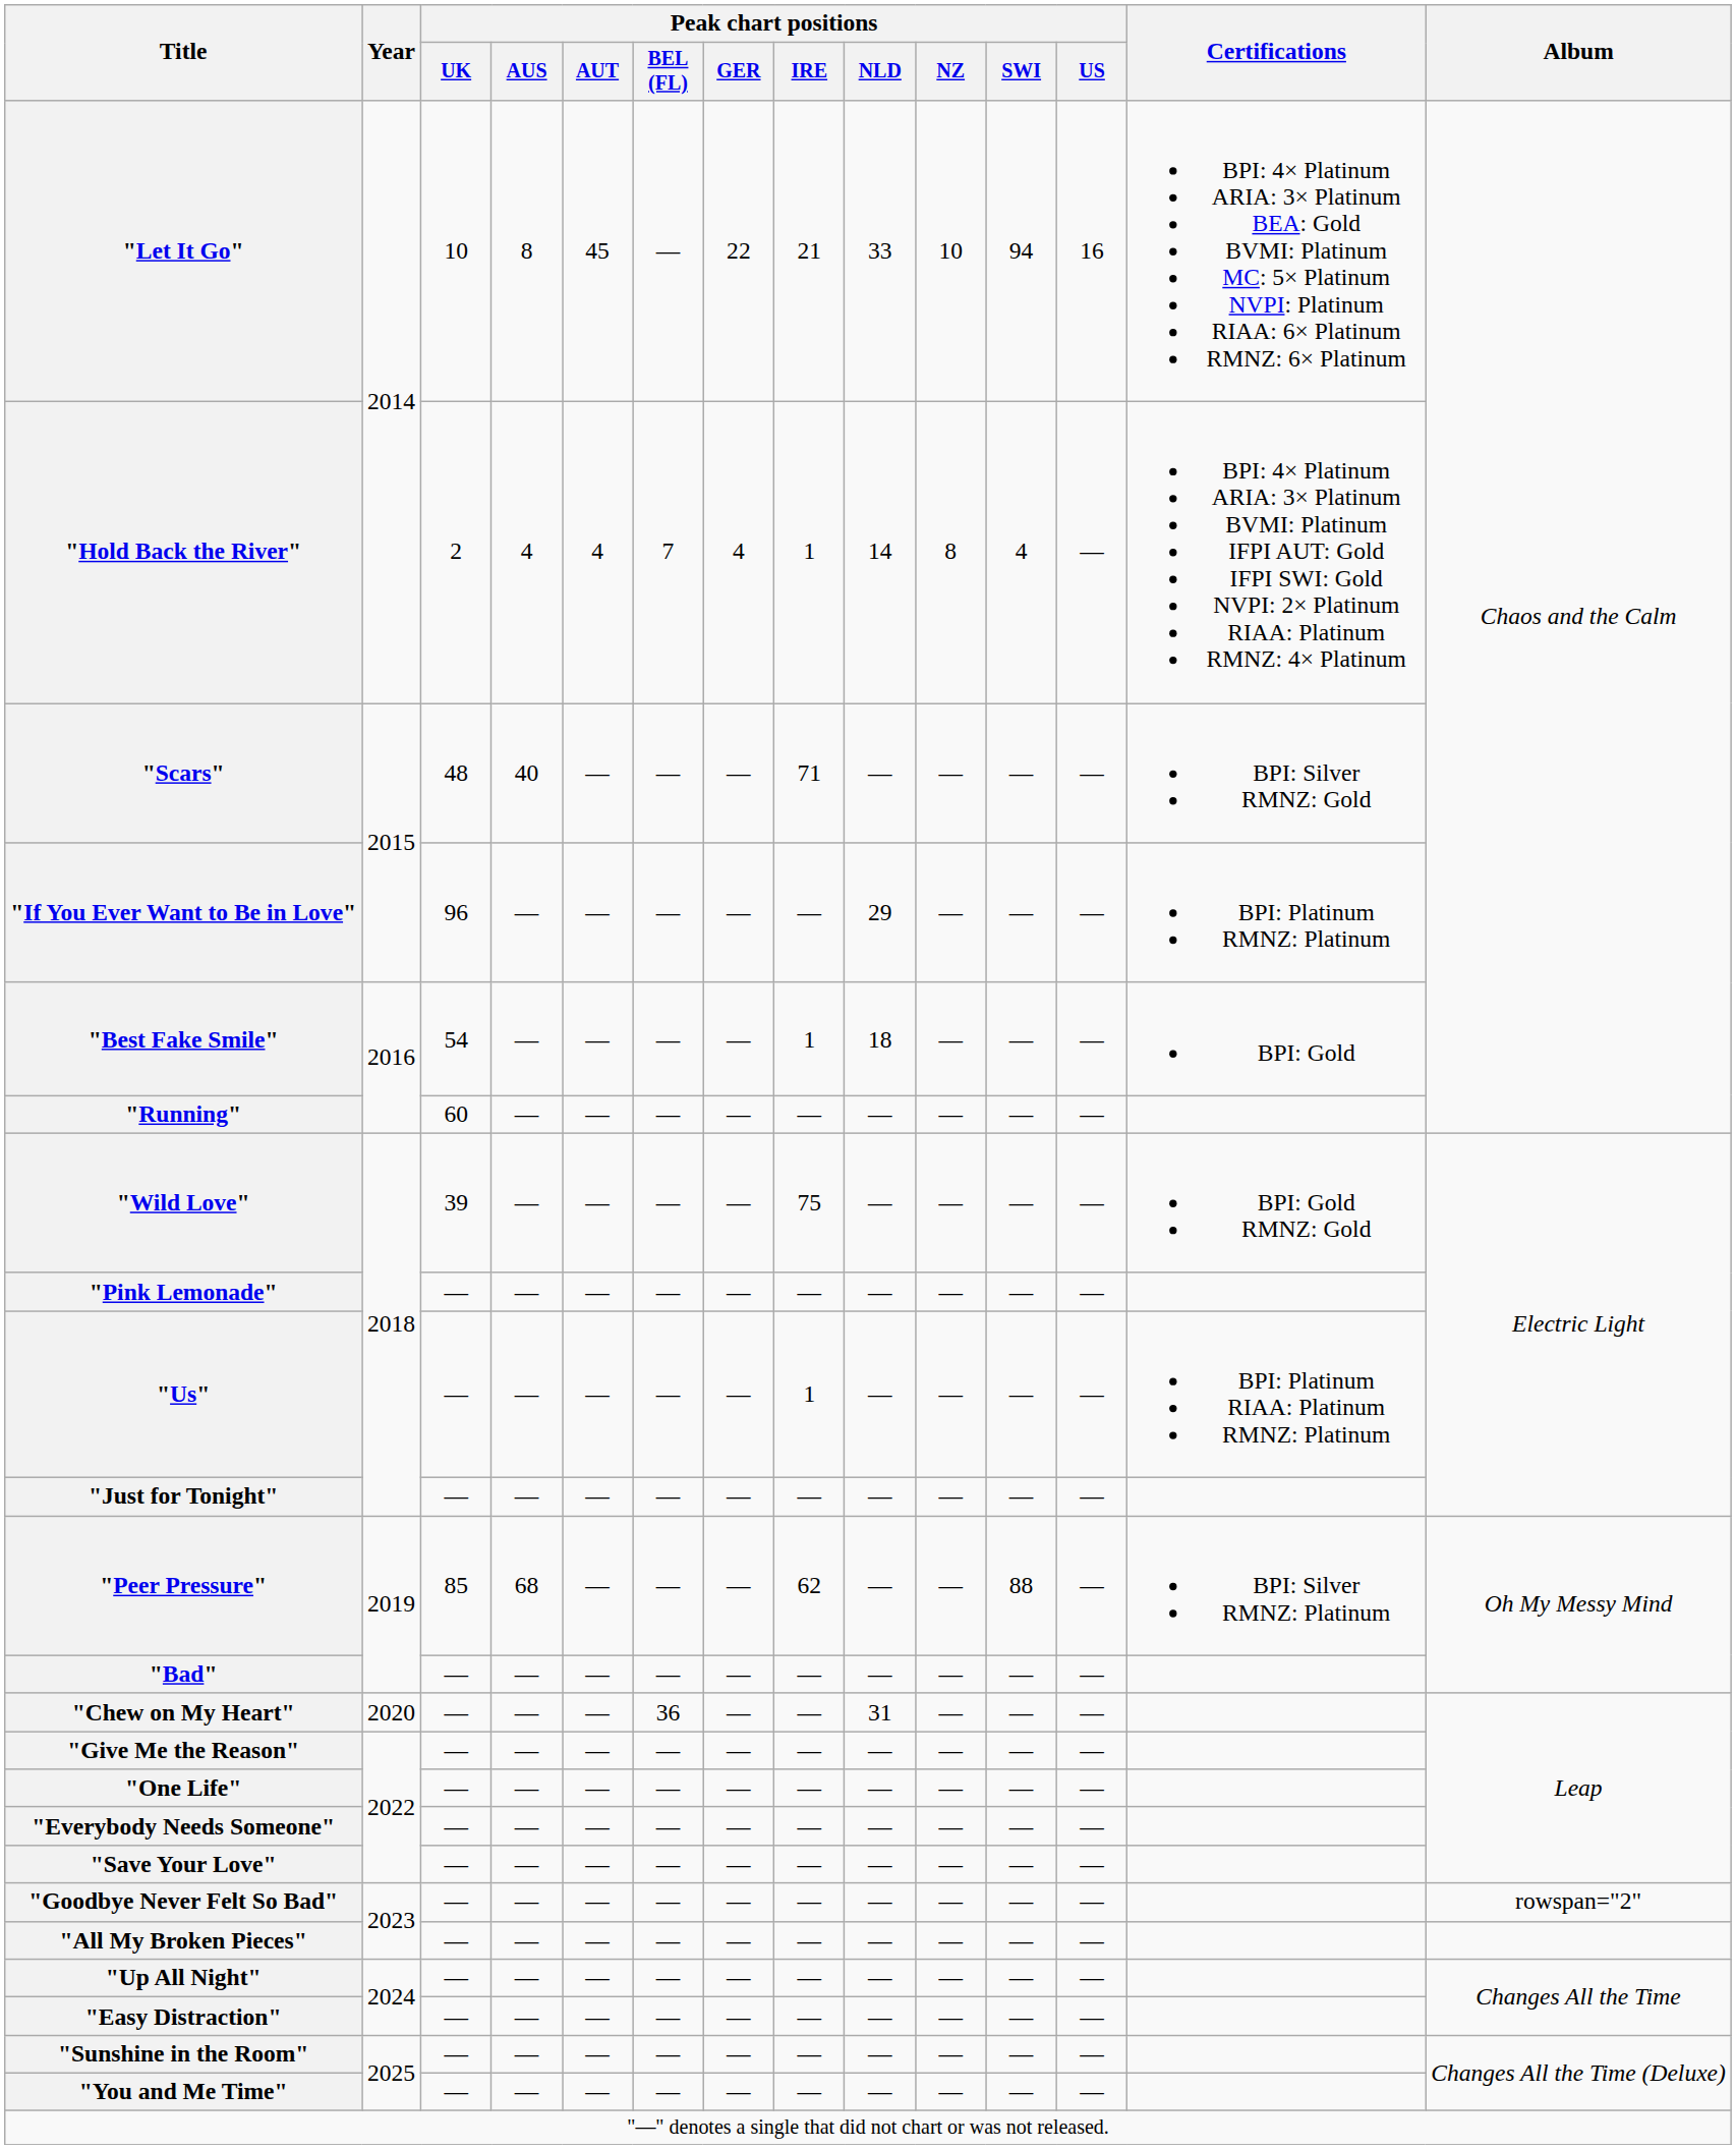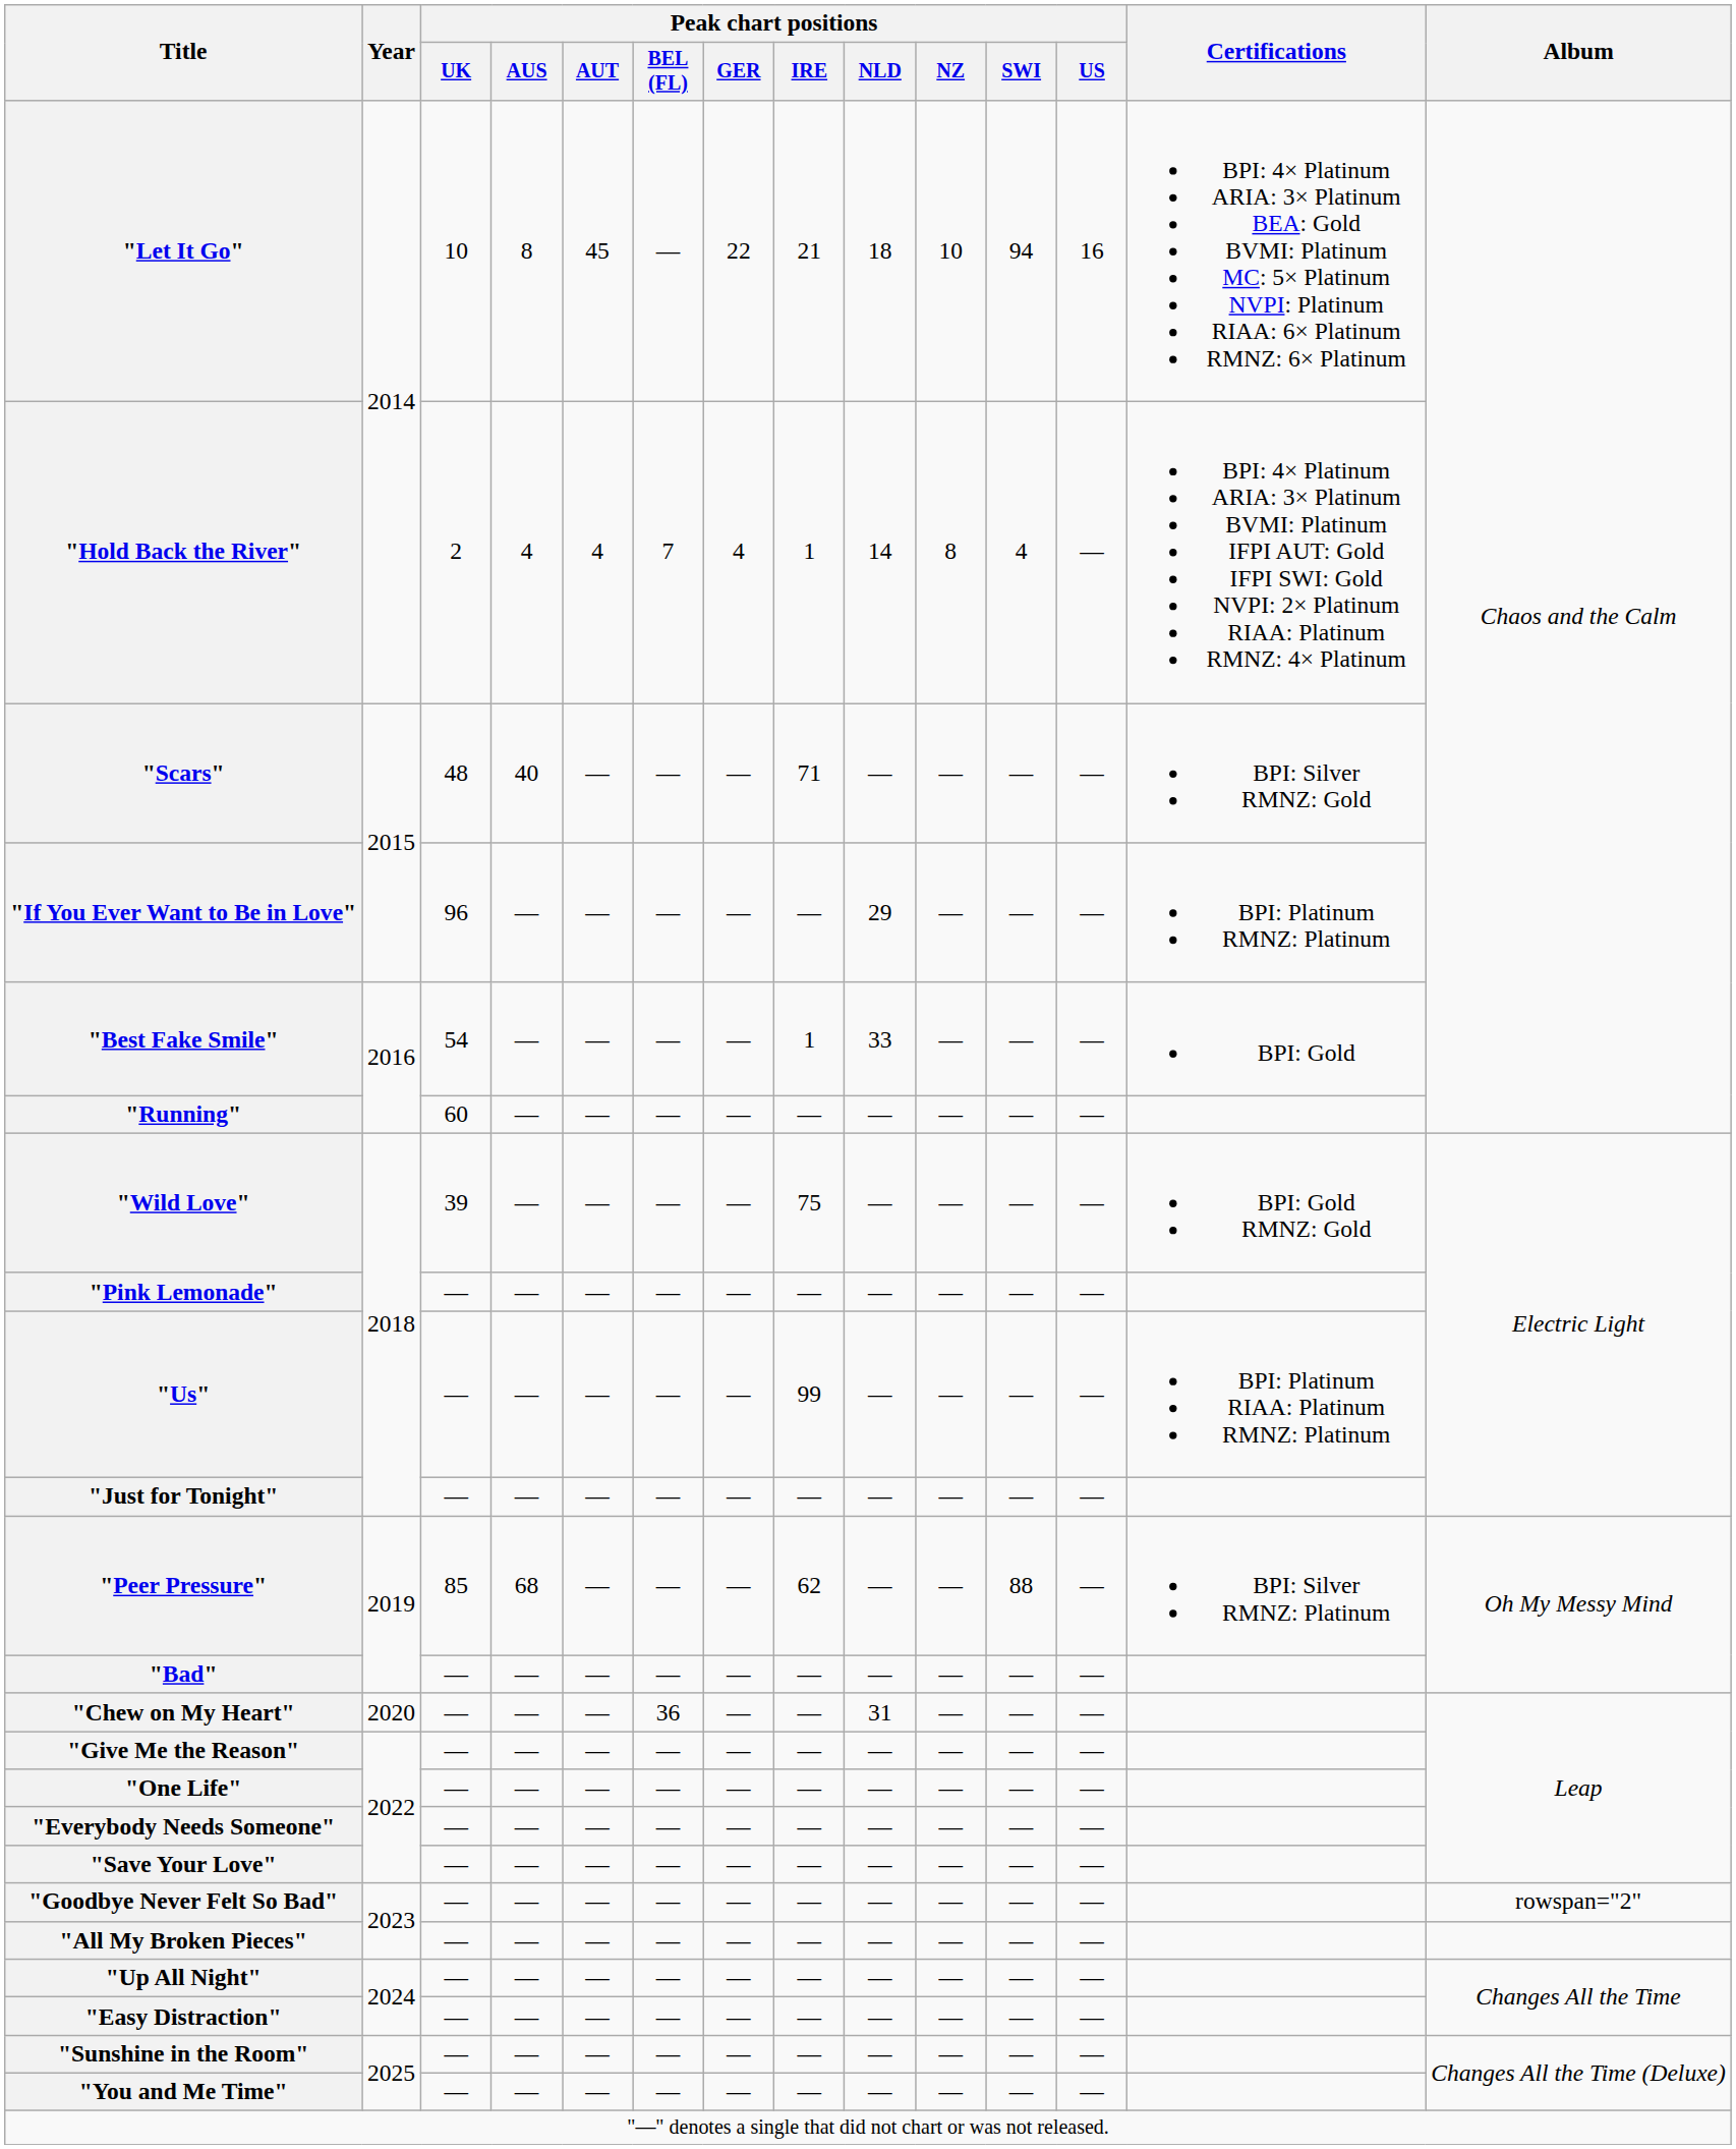 <table class="wikitable plainrowheaders" style="text-align:center;">
 <tr>
 <th scope="col" rowspan="2">Title</th>
 <th scope="col" rowspan="2">Year</th>
 <th scope="col" colspan="10">Peak chart positions</th>
 <th scope="col" rowspan="2" style="width:12em;"><a href='#'>Certifications</a></th>
 <th scope="col" rowspan="2">Album</th>
 </tr>
 <tr>
 <th scope="col" style="width:3em;font-size:85%;"><a href='#'>UK</a><br></th>
 <th scope="col" style="width:3em;font-size:85%;"><a href='#'>AUS</a><br></th>
 <th scope="col" style="width:3em;font-size:85%;"><a href='#'>AUT</a><br></th>
 <th scope="col" style="width:3em;font-size:85%;"><a href='#'>BEL<br>(FL)</a><br></th>
 <th scope="col" style="width:3em;font-size:85%;"><a href='#'>GER</a><br></th>
 <th scope="col" style="width:3em;font-size:85%;"><a href='#'>IRE</a><br></th>
 <th scope="col" style="width:3em;font-size:85%;"><a href='#'>NLD</a><br></th>
 <th scope="col" style="width:3em;font-size:85%;"><a href='#'>NZ</a><br></th>
 <th scope="col" style="width:3em;font-size:85%;"><a href='#'>SWI</a><br></th>
 <th scope="col" style="width:3em;font-size:85%;"><a href='#'>US</a><br></th>
 </tr>
 <tr>
 <th scope="row">"<a href='#'>Let It Go</a>"</th>
 <td rowspan="2">2014</td>
 <td>10</td>
 <td>8</td>
 <td>45</td>
 <td>—</td>
 <td>22</td>
 <td>21</td>
-<td>33</td>
+<td>18</td>
 <td>10</td>
 <td>94</td>
 <td>16</td>
 <td><br><ul><li>BPI: 4× Platinum</li><li>ARIA: 3× Platinum</li><li><a href='#'>BEA</a>: Gold</li><li>BVMI: Platinum</li><li><a href='#'>MC</a>: 5× Platinum</li><li><a href='#'>NVPI</a>: Platinum</li><li>RIAA: 6× Platinum</li><li>RMNZ: 6× Platinum</li></ul></td>
 <td rowspan="6"><em>Chaos and the Calm</em></td>
 </tr>
 <tr>
 <th scope="row">"<a href='#'>Hold Back the River</a>"</th>
 <td>2</td>
 <td>4</td>
 <td>4</td>
 <td>7</td>
 <td>4</td>
 <td>1</td>
 <td>14</td>
 <td>8</td>
 <td>4</td>
 <td>—</td>
 <td><br><ul><li>BPI: 4× Platinum</li><li>ARIA: 3× Platinum</li><li>BVMI: Platinum</li><li>IFPI AUT: Gold</li><li>IFPI SWI: Gold</li><li>NVPI: 2× Platinum</li><li>RIAA: Platinum</li><li>RMNZ: 4× Platinum</li></ul></td>
 </tr>
 <tr>
 <th scope="row">"<a href='#'>Scars</a>"</th>
 <td rowspan="2">2015</td>
 <td>48</td>
 <td>40</td>
 <td>—</td>
 <td>—</td>
 <td>—</td>
 <td>71</td>
 <td>—</td>
 <td>—</td>
 <td>—</td>
 <td>—</td>
 <td><br><ul><li>BPI: Silver</li><li>RMNZ: Gold</li></ul></td>
 </tr>
 <tr>
 <th scope="row">"<a href='#'>If You Ever Want to Be in Love</a>"</th>
 <td>96</td>
 <td>—</td>
 <td>—</td>
 <td>—</td>
 <td>—</td>
 <td>—</td>
 <td>29</td>
 <td>—</td>
 <td>—</td>
 <td>—</td>
 <td><br><ul><li>BPI: Platinum</li><li>RMNZ: Platinum</li></ul></td>
 </tr>
 <tr>
 <th scope="row">"<a href='#'>Best Fake Smile</a>"</th>
 <td rowspan="2">2016</td>
 <td>54</td>
 <td>—</td>
 <td>—</td>
 <td>—</td>
 <td>—</td>
 <td>1</td>
-<td>18</td>
+<td>33</td>
 <td>—</td>
 <td>—</td>
 <td>—</td>
 <td><br><ul><li>BPI: Gold</li></ul></td>
 </tr>
 <tr>
 <th scope="row">"<a href='#'>Running</a>"</th>
 <td>60</td>
 <td>—</td>
 <td>—</td>
 <td>—</td>
 <td>—</td>
 <td>—</td>
 <td>—</td>
 <td>—</td>
 <td>—</td>
 <td>—</td>
 <td></td>
 </tr>
 <tr>
 <th scope="row">"<a href='#'>Wild Love</a>"</th>
 <td rowspan="4">2018</td>
 <td>39</td>
 <td>—</td>
 <td>—</td>
 <td>—</td>
 <td>—</td>
 <td>75</td>
 <td>—</td>
 <td>—</td>
 <td>—</td>
 <td>—</td>
 <td><br><ul><li>BPI: Gold</li><li>RMNZ: Gold</li></ul></td>
 <td rowspan="4"><em>Electric Light</em></td>
 </tr>
 <tr>
 <th scope="row">"<a href='#'>Pink Lemonade</a>"</th>
 <td>—</td>
 <td>—</td>
 <td>—</td>
 <td>—</td>
 <td>—</td>
 <td>—</td>
 <td>—</td>
 <td>—</td>
 <td>—</td>
 <td>—</td>
 <td></td>
 </tr>
 <tr>
 <th scope="row">"<a href='#'>Us</a>"<br></th>
 <td>—</td>
 <td>—</td>
 <td>—</td>
 <td>—</td>
 <td>—</td>
-<td>1</td>
+<td>99</td>
 <td>—</td>
 <td>—</td>
 <td>—</td>
 <td>—</td>
 <td><br><ul><li>BPI: Platinum</li><li>RIAA: Platinum</li><li>RMNZ: Platinum</li></ul></td>
 </tr>
 <tr>
 <th scope="row">"Just for Tonight"</th>
 <td>—</td>
 <td>—</td>
 <td>—</td>
 <td>—</td>
 <td>—</td>
 <td>—</td>
 <td>—</td>
 <td>—</td>
 <td>—</td>
 <td>—</td>
 <td></td>
 </tr>
 <tr>
 <th scope="row">"<a href='#'>Peer Pressure</a>"<br></th>
 <td rowspan="2">2019</td>
 <td>85</td>
 <td>68</td>
 <td>—</td>
 <td>—</td>
 <td>—</td>
 <td>62</td>
 <td>—</td>
 <td>—</td>
 <td>88</td>
 <td>—</td>
 <td><br><ul><li>BPI: Silver</li><li>RMNZ: Platinum</li></ul></td>
 <td rowspan="2"><em>Oh My Messy Mind</em></td>
 </tr>
 <tr>
 <th scope="row">"<a href='#'>Bad</a>"</th>
 <td>—</td>
 <td>—</td>
 <td>—</td>
 <td>—</td>
 <td>—</td>
 <td>—</td>
 <td>—</td>
 <td>—</td>
 <td>—</td>
 <td>—</td>
 <td></td>
 </tr>
 <tr>
 <th scope="row">"Chew on My Heart"</th>
 <td>2020</td>
 <td>—</td>
 <td>—</td>
 <td>—</td>
 <td>36</td>
 <td>—</td>
 <td>—</td>
 <td>31</td>
 <td>—</td>
 <td>—</td>
 <td>—</td>
 <td></td>
 <td rowspan="5"><em>Leap</em></td>
 </tr>
 <tr>
 <th scope="row">"Give Me the Reason"</th>
 <td rowspan="4">2022</td>
 <td>—</td>
 <td>—</td>
 <td>—</td>
 <td>—</td>
 <td>—</td>
 <td>—</td>
 <td>—</td>
 <td>—</td>
 <td>—</td>
 <td>—</td>
 <td></td>
 </tr>
 <tr>
 <th scope="row">"One Life"</th>
 <td>—</td>
 <td>—</td>
 <td>—</td>
 <td>—</td>
 <td>—</td>
 <td>—</td>
 <td>—</td>
 <td>—</td>
 <td>—</td>
 <td>—</td>
 <td></td>
 </tr>
 <tr>
 <th scope="row">"Everybody Needs Someone"</th>
 <td>—</td>
 <td>—</td>
 <td>—</td>
 <td>—</td>
 <td>—</td>
 <td>—</td>
 <td>—</td>
 <td>—</td>
 <td>—</td>
 <td>—</td>
 <td></td>
 </tr>
 <tr>
 <th scope="row">"Save Your Love"</th>
 <td>—</td>
 <td>—</td>
 <td>—</td>
 <td>—</td>
 <td>—</td>
 <td>—</td>
 <td>—</td>
 <td>—</td>
 <td>—</td>
 <td>—</td>
 <td></td>
 </tr>
 <tr>
 <th scope="row">"Goodbye Never Felt So Bad"</th>
 <td rowspan="2">2023</td>
 <td>—</td>
 <td>—</td>
 <td>—</td>
 <td>—</td>
 <td>—</td>
 <td>—</td>
 <td>—</td>
 <td>—</td>
 <td>—</td>
 <td>—</td>
 <td></td>
 <td>rowspan="2" </td>
 </tr>
 <tr>
 <th scope="row">"All My Broken Pieces"</th>
 <td>—</td>
 <td>—</td>
 <td>—</td>
 <td>—</td>
 <td>—</td>
 <td>—</td>
 <td>—</td>
 <td>—</td>
 <td>—</td>
 <td>—</td>
 <td></td>
 </tr>
 <tr>
 <th scope="row">"Up All Night"<br></th>
 <td rowspan="2">2024</td>
 <td>—</td>
 <td>—</td>
 <td>—</td>
 <td>—</td>
 <td>—</td>
 <td>—</td>
 <td>—</td>
 <td>—</td>
 <td>—</td>
 <td>—</td>
 <td></td>
 <td rowspan="2"><em>Changes All the Time</em></td>
 </tr>
 <tr>
 <th scope="row">"Easy Distraction"</th>
 <td>—</td>
 <td>—</td>
 <td>—</td>
 <td>—</td>
 <td>—</td>
 <td>—</td>
 <td>—</td>
 <td>—</td>
 <td>—</td>
 <td>—</td>
 <td></td>
 </tr>
 <tr>
 <th scope="row">"Sunshine in the Room"<br></th>
 <td rowspan="2">2025</td>
 <td>—</td>
 <td>—</td>
 <td>—</td>
 <td>—</td>
 <td>—</td>
 <td>—</td>
 <td>—</td>
 <td>—</td>
 <td>—</td>
 <td>—</td>
 <td></td>
 <td rowspan="2"><em>Changes All the Time (Deluxe)</em></td>
 </tr>
 <tr>
 <th scope="row">"You and Me Time"<br></th>
 <td>—</td>
 <td>—</td>
 <td>—</td>
 <td>—</td>
 <td>—</td>
 <td>—</td>
 <td>—</td>
 <td>—</td>
 <td>—</td>
 <td>—</td>
 <td></td>
 </tr>
 <tr>
 <td colspan="24" style="font-size:85%">"—" denotes a single that did not chart or was not released.</td>
 </tr>
 </table>
